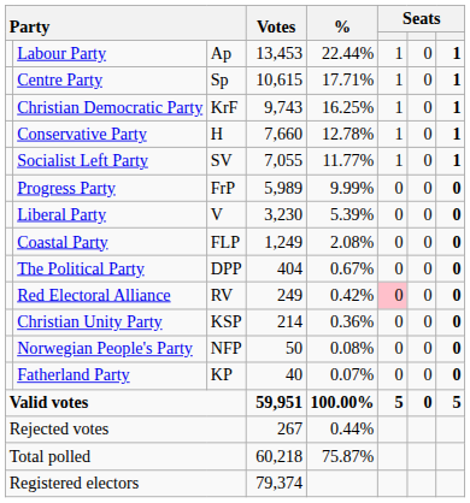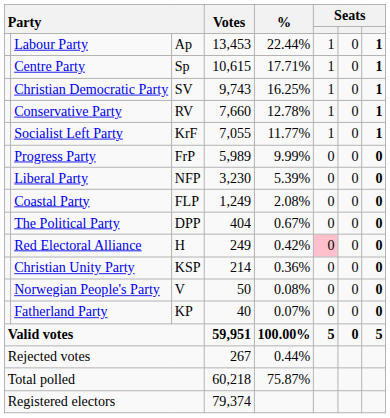 <table class="wikitable" border="1" style="text-align:right;">
 <tr>
 <th style="text-align:left;" valign=bottom rowspan=2 colspan=3>Party</th>
 <th align=center valign=bottom rowspan=2 width="50">Votes</th>
 <th align=center valign=bottom rowspan=2 width="50">%</th>
 <th colspan=3>Seats</th>
 </tr>
 <tr>
 <th align=center valign=bottom width="20"><small></small></th>
 <th align=center valign=bottom width="20"><small><a href='#'></a></small></th>
 <th align=center valign=bottom width="20"><small></small></th>
 </tr>
 <tr>
 <td style="color:inherit;background:"></td>
 <td align=left><a href='#'>Labour Party</a></td>
 <td align=left>Ap</td>
 <td>13,453</td>
 <td>22.44%</td>
 <td>1</td>
 <td>0</td>
 <td><strong>1</strong></td>
 </tr>
 <tr>
 <td style="color:inherit;background:"></td>
 <td align=left><a href='#'>Centre Party</a></td>
 <td align=left>Sp</td>
 <td>10,615</td>
 <td>17.71%</td>
 <td>1</td>
 <td>0</td>
 <td><strong>1</strong></td>
 </tr>
 <tr>
 <td style="color:inherit;background:"></td>
 <td align=left><a href='#'>Christian Democratic Party</a></td>
-<td align=left>KrF</td>
+<td align=left>SV</td>
 <td>9,743</td>
 <td>16.25%</td>
 <td>1</td>
 <td>0</td>
 <td><strong>1</strong></td>
 </tr>
 <tr>
 <td style="color:inherit;background:"></td>
 <td align=left><a href='#'>Conservative Party</a></td>
-<td align=left>H</td>
+<td align=left>RV</td>
 <td>7,660</td>
 <td>12.78%</td>
 <td>1</td>
 <td>0</td>
 <td><strong>1</strong></td>
 </tr>
 <tr>
 <td style="color:inherit;background:"></td>
 <td align=left><a href='#'>Socialist Left Party</a></td>
-<td align=left>SV</td>
+<td align=left>KrF</td>
 <td>7,055</td>
 <td>11.77%</td>
 <td>1</td>
 <td>0</td>
 <td><strong>1</strong></td>
 </tr>
 <tr>
 <td style="color:inherit;background:"></td>
 <td align=left><a href='#'>Progress Party</a></td>
 <td align=left>FrP</td>
 <td>5,989</td>
 <td>9.99%</td>
 <td>0</td>
 <td>0</td>
 <td><strong>0</strong></td>
 </tr>
 <tr>
 <td style="color:inherit;background:"></td>
 <td align=left><a href='#'>Liberal Party</a></td>
-<td align=left>V</td>
+<td align=left>NFP</td>
 <td>3,230</td>
 <td>5.39%</td>
 <td>0</td>
 <td>0</td>
 <td><strong>0</strong></td>
 </tr>
 <tr>
 <td style="color:inherit;background:"></td>
 <td align=left><a href='#'>Coastal Party</a></td>
 <td align=left>FLP</td>
 <td>1,249</td>
 <td>2.08%</td>
 <td>0</td>
 <td>0</td>
 <td><strong>0</strong></td>
 </tr>
 <tr>
 <td style="color:inherit;background:"></td>
 <td align=left><a href='#'>The Political Party</a></td>
 <td align=left>DPP</td>
 <td>404</td>
 <td>0.67%</td>
 <td>0</td>
 <td>0</td>
 <td><strong>0</strong></td>
 </tr>
 <tr>
 <td style="color:inherit;background:"></td>
 <td align=left><a href='#'>Red Electoral Alliance</a></td>
-<td align=left>RV</td>
+<td align=left>H</td>
 <td>249</td>
 <td>0.42%</td>
 <td style="background: pink;">0</td>
 <td>0</td>
 <td><strong>0</strong></td>
 </tr>
 <tr>
 <td style="color:inherit;background:"></td>
 <td align=left><a href='#'>Christian Unity Party</a></td>
 <td align=left>KSP</td>
 <td>214</td>
 <td>0.36%</td>
 <td>0</td>
 <td>0</td>
 <td><strong>0</strong></td>
 </tr>
 <tr>
 <td style="color:inherit;background:"></td>
 <td align=left><a href='#'>Norwegian People's Party</a></td>
-<td align=left>NFP</td>
+<td align=left>V</td>
 <td>50</td>
 <td>0.08%</td>
 <td>0</td>
 <td>0</td>
 <td><strong>0</strong></td>
 </tr>
 <tr>
 <td style="color:inherit;background:"></td>
 <td align=left><a href='#'>Fatherland Party</a></td>
 <td align=left>KP</td>
 <td>40</td>
 <td>0.07%</td>
 <td>0</td>
 <td>0</td>
 <td><strong>0</strong></td>
 </tr>
 <tr style="font-weight:bold">
 <td align=left colspan=3>Valid votes</td>
 <td>59,951</td>
 <td>100.00%</td>
 <td>5</td>
 <td>0</td>
 <td>5</td>
 </tr>
 <tr>
 <td align=left colspan=3>Rejected votes</td>
 <td>267</td>
 <td>0.44%</td>
 <td></td>
 <td></td>
 <td></td>
 </tr>
 <tr>
 <td align=left colspan=3>Total polled</td>
 <td>60,218</td>
 <td>75.87%</td>
 <td></td>
 <td></td>
 <td></td>
 </tr>
 <tr>
 <td align=left colspan=3>Registered electors</td>
 <td>79,374</td>
 <td></td>
 <td></td>
 <td></td>
 <td></td>
 </tr>
 </table>
